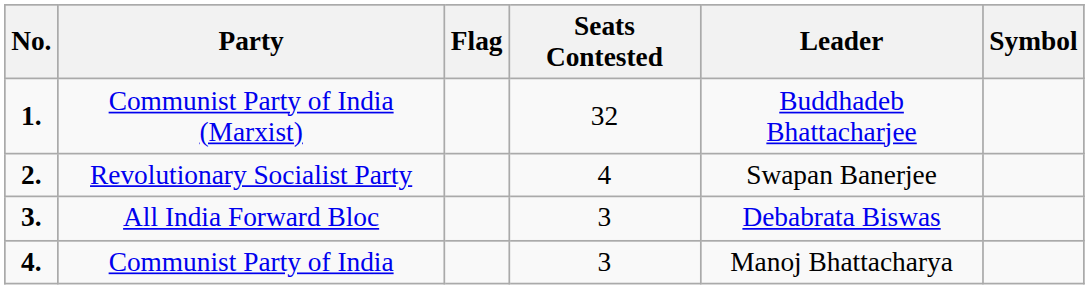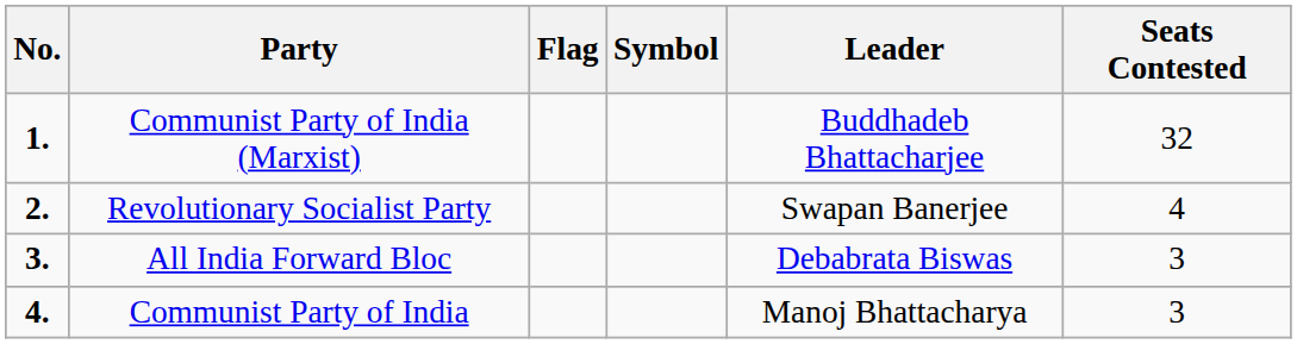 <table class="wikitable"  width="50%">
 <tr>
 <th>No.</th>
 <th>Party</th>
 <th>Flag</th>
+<th>Symbol</th>
+<th>Leader</th>
 <th>Seats Contested</th>
-<th>Leader</th>
-<th>Symbol</th>
 </tr>
 <tr>
 <td style="text-align:center; background:"><strong>1.</strong></td>
 <td style="text-align:center"><a href='#'>Communist Party of India (Marxist)</a></td>
 <td></td>
+<td></td>
+<td style="text-align:center "><a href='#'>Buddhadeb Bhattacharjee</a></td>
 <td style="text-align:center ">32</td>
-<td style="text-align:center "><a href='#'>Buddhadeb Bhattacharjee</a></td>
-<td></td>
 </tr>
 <tr>
 <td style="text-align:center; background:"><strong>2.</strong></td>
 <td style="text-align:center"><a href='#'>Revolutionary Socialist Party</a></td>
 <td></td>
+<td></td>
+<td style="text-align:center">Swapan Banerjee</td>
 <td style="text-align:center">4</td>
-<td style="text-align:center">Swapan Banerjee</td>
-<td></td>
 </tr>
 <tr>
 <td style="text-align:center; background:"><strong>3.</strong></td>
 <td style="text-align:center"><a href='#'>All India Forward Bloc</a></td>
 <td></td>
+<td></td>
+<td style="text-align:center"><a href='#'>Debabrata Biswas</a></td>
 <td style="text-align:center">3</td>
-<td style="text-align:center"><a href='#'>Debabrata Biswas</a></td>
-<td></td>
 </tr>
 <tr>
 <td style="text-align:center; background:"><strong>4.</strong></td>
 <td style="text-align:center"><a href='#'>Communist Party of India</a></td>
 <td></td>
+<td></td>
+<td style="text-align:center">Manoj Bhattacharya</td>
 <td style="text-align:center">3</td>
-<td style="text-align:center">Manoj Bhattacharya</td>
-<td></td>
 </tr>
 </table>
